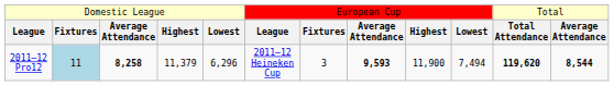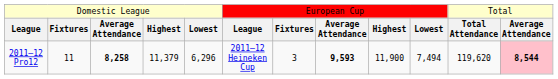 <table class="wikitable sortable" style="font-size:90%; width:90%;">
 <tr>
 <td colspan="5" class="wikitable sortable" style="width:45%; background:#ffffcc; text-align:center;"><span>Domestic League</span></td>
 <td colspan="5" class="wikitable sortable" style="width:45%; background:#f00; text-align:center;"><span>European Cup</span></td>
 <td colspan="2" class="wikitable sortable" style="width:45%; background:#ffffcc; text-align:center;"><span>Total</span></td>
 </tr>
 <tr>
 <th style="width:15%;">League</th>
 <th style="width:5%;">Fixtures</th>
 <th style="width:10%;">Average Attendance</th>
 <th style="width:10%;">Highest</th>
 <th style="width:10%;">Lowest</th>
 <th style="width:15%;">League</th>
 <th style="width:5%;">Fixtures</th>
 <th style="width:10%;">Average Attendance</th>
 <th style="width:10%;">Highest</th>
 <th style="width:10%;">Lowest</th>
 <th style="width:10%;">Total Attendance</th>
 <th style="width:10%;">Average Attendance</th>
 </tr>
 <tr>
 <td align=center><a href='#'>2011–12 Pro12</a></td>
-<td align=center style="background: lightblue;">11</td>
+<td align=center>11</td>
 <td align=center><strong>8,258</strong></td>
 <td align=center>11,379</td>
 <td align=center>6,296</td>
 <td align=center><a href='#'>2011–12 Heineken Cup</a></td>
 <td align=center>3</td>
 <td align=center><strong>9,593</strong></td>
 <td align=center>11,900</td>
 <td align=center>7,494</td>
-<td align=center><strong>119,620</strong></td>
-<td align=center><strong>8,544</strong></td>
+<td align=center>119,620</td>
+<td align=center style="background: pink;"><strong>8,544</strong></td>
 </tr>
 </table>
